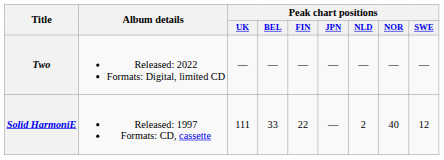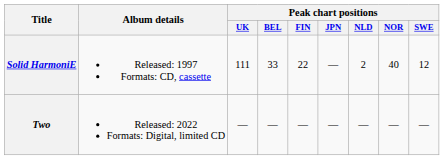 <table class="wikitable plainrowheaders" style="text-align:center;">
 <tr>
 <th scope="col" rowspan="2">Title</th>
 <th scope="col" rowspan="2">Album details</th>
 <th scope="col" colspan="7">Peak chart positions</th>
 </tr>
 <tr>
 <th style="width:3em;font-size:85%"><a href='#'>UK</a><br></th>
 <th style="width:3em;font-size:85%"><a href='#'>BEL</a><br></th>
 <th style="width:3em;font-size:85%"><a href='#'>FIN</a><br></th>
 <th style="width:3em;font-size:85%"><a href='#'>JPN</a><br></th>
 <th style="width:3em;font-size:85%"><a href='#'>NLD</a><br></th>
 <th style="width:3em;font-size:85%"><a href='#'>NOR</a><br></th>
 <th style="width:3em;font-size:85%"><a href='#'>SWE</a><br></th>
 </tr>
 <tr>
+<th scope="row"><em><a href='#'>Solid HarmoniE</a></em></th>
+<td><br><ul><li>Released: 1997</li><li>Formats: CD, <a href='#'>cassette</a></li></ul></td>
+<td>111</td>
+<td>33</td>
+<td>22</td>
+<td>—</td>
+<td>2</td>
+<td>40</td>
+<td>12</td>
+</tr>
+<tr>
 <th scope="row"><em>Two</em></th>
 <td><br><ul><li>Released: 2022</li><li>Formats: Digital, limited CD</li></ul></td>
 <td>—</td>
 <td>—</td>
 <td>—</td>
 <td>—</td>
 <td>—</td>
 <td>—</td>
 <td>—</td>
 </tr>
-<tr>
-<th scope="row"><em><a href='#'>Solid HarmoniE</a></em></th>
-<td><br><ul><li>Released: 1997</li><li>Formats: CD, <a href='#'>cassette</a></li></ul></td>
-<td>111</td>
-<td>33</td>
-<td>22</td>
-<td>—</td>
-<td>2</td>
-<td>40</td>
-<td>12</td>
-</tr>
 </table>
